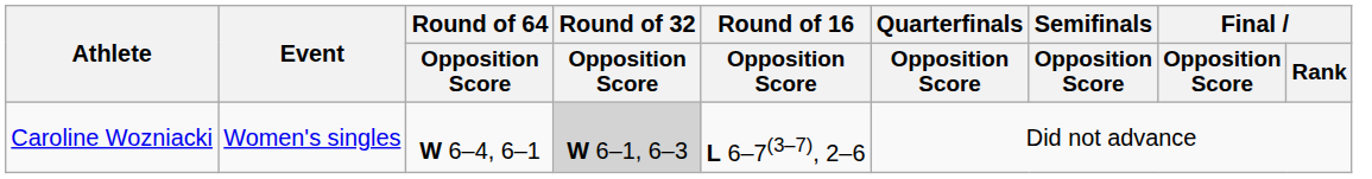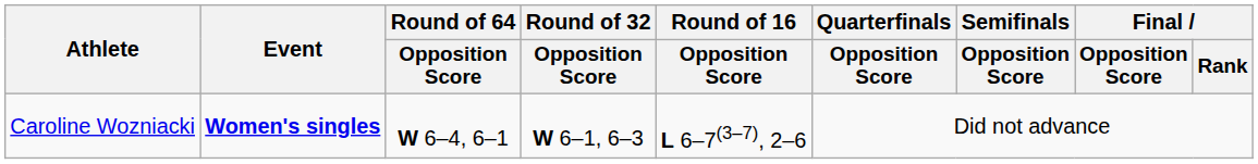 <table class=wikitable style="font-size:90%">
 <tr>
 <th rowspan="2">Athlete</th>
 <th rowspan="2">Event</th>
 <th>Round of 64</th>
 <th>Round of 32</th>
 <th>Round of 16</th>
 <th>Quarterfinals</th>
 <th>Semifinals</th>
 <th colspan=2>Final / </th>
 </tr>
 <tr style="font-size:95%">
 <th>Opposition<br>Score</th>
 <th>Opposition<br>Score</th>
 <th>Opposition<br>Score</th>
 <th>Opposition<br>Score</th>
 <th>Opposition<br>Score</th>
 <th>Opposition<br>Score</th>
 <th>Rank</th>
 </tr>
 <tr align=center>
 <td align=left><a href='#'>Caroline Wozniacki</a></td>
-<td align=left><a href='#'>Women's singles</a></td>
+<td align=left><strong><a href='#'>Women's singles</a></strong></td>
 <td><br><strong>W</strong> 6–4, 6–1</td>
-<td style="background: lightgrey;"><br><strong>W</strong> 6–1, 6–3</td>
+<td><br><strong>W</strong> 6–1, 6–3</td>
 <td><br><strong>L</strong> 6–7<sup>(3–7)</sup>, 2–6</td>
 <td colspan=4>Did not advance</td>
 </tr>
 </table>
